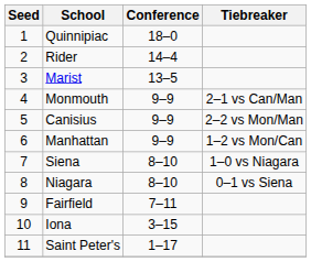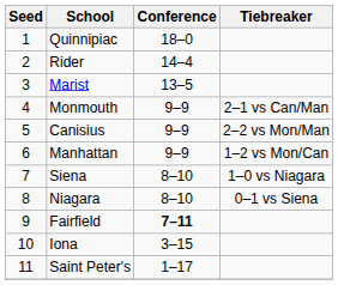 <table class="wikitable" style="text-align:center">
 <tr>
 <th>Seed</th>
 <th>School</th>
 <th>Conference</th>
 <th>Tiebreaker</th>
 </tr>
 <tr>
 <td>1</td>
 <td align=left>Quinnipiac</td>
 <td>18–0</td>
 <td></td>
 </tr>
 <tr>
 <td>2</td>
 <td align=left>Rider</td>
 <td>14–4</td>
 <td></td>
 </tr>
 <tr>
 <td>3</td>
 <td align=left><a href='#'>Marist</a></td>
 <td>13–5</td>
 <td></td>
 </tr>
 <tr>
 <td>4</td>
 <td align=left>Monmouth</td>
 <td>9–9</td>
 <td>2–1 vs Can/Man</td>
 </tr>
 <tr>
 <td>5</td>
 <td align=left>Canisius</td>
 <td>9–9</td>
 <td>2–2 vs Mon/Man</td>
 </tr>
 <tr>
 <td>6</td>
 <td align=left>Manhattan</td>
 <td>9–9</td>
 <td>1–2 vs Mon/Can</td>
 </tr>
 <tr>
 <td>7</td>
 <td align=left>Siena</td>
 <td>8–10</td>
 <td>1–0 vs Niagara</td>
 </tr>
 <tr>
 <td>8</td>
 <td align=left>Niagara</td>
 <td>8–10</td>
 <td>0–1 vs Siena</td>
 </tr>
 <tr>
 <td>9</td>
 <td align=left>Fairfield</td>
-<td>7–11</td>
+<td><strong>7–11</strong></td>
 <td></td>
 </tr>
 <tr>
 <td>10</td>
 <td align=left>Iona</td>
 <td>3–15</td>
 <td></td>
 </tr>
 <tr>
 <td>11</td>
 <td align=left>Saint Peter's</td>
 <td>1–17</td>
 <td></td>
 </tr>
 <tr>
 </tr>
 </table>
